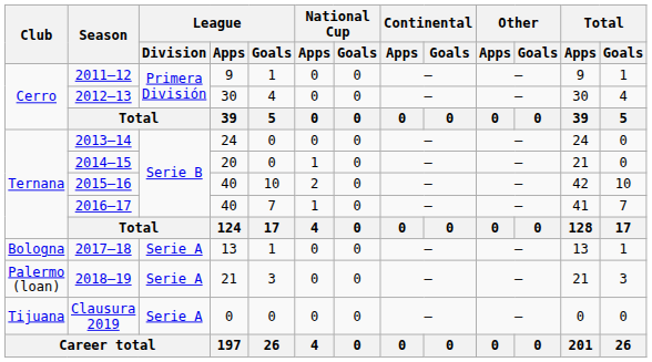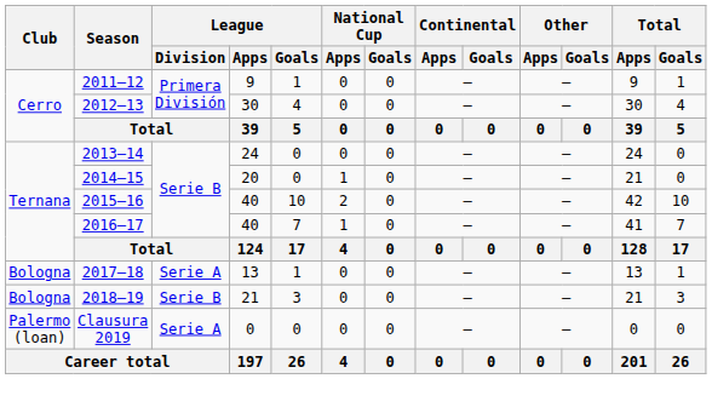 <table class="wikitable" style="text-align: center;">
 <tr>
 <th rowspan="2">Club</th>
 <th rowspan="2">Season</th>
 <th colspan="3">League</th>
 <th colspan="2">National Cup</th>
 <th colspan="2">Continental</th>
 <th colspan="2">Other</th>
 <th colspan="2">Total</th>
 </tr>
 <tr>
 <th>Division</th>
 <th>Apps</th>
 <th>Goals</th>
 <th>Apps</th>
 <th>Goals</th>
 <th>Apps</th>
 <th>Goals</th>
 <th>Apps</th>
 <th>Goals</th>
 <th>Apps</th>
 <th>Goals</th>
 </tr>
 <tr>
 <td rowspan="3"><a href='#'>Cerro</a></td>
 <td><a href='#'>2011–12</a></td>
 <td rowspan="2"><a href='#'>Primera División</a></td>
 <td>9</td>
 <td>1</td>
 <td>0</td>
 <td>0</td>
 <td colspan="2“">—</td>
 <td colspan="2“">—</td>
 <td>9</td>
 <td>1</td>
 </tr>
 <tr>
 <td><a href='#'>2012–13</a></td>
 <td>30</td>
 <td>4</td>
 <td>0</td>
 <td>0</td>
 <td colspan="2“">—</td>
 <td colspan="2“">—</td>
 <td>30</td>
 <td>4</td>
 </tr>
 <tr>
 <th colspan="2">Total</th>
 <th>39</th>
 <th>5</th>
 <th>0</th>
 <th>0</th>
 <th>0</th>
 <th>0</th>
 <th>0</th>
 <th>0</th>
 <th>39</th>
 <th>5</th>
 </tr>
 <tr>
 <td rowspan="5"><a href='#'>Ternana</a></td>
 <td><a href='#'>2013–14</a></td>
 <td rowspan="4"><a href='#'>Serie B</a></td>
 <td>24</td>
 <td>0</td>
 <td>0</td>
 <td>0</td>
 <td colspan="2“">—</td>
 <td colspan="2“">—</td>
 <td>24</td>
 <td>0</td>
 </tr>
 <tr>
 <td><a href='#'>2014–15</a></td>
 <td>20</td>
 <td>0</td>
 <td>1</td>
 <td>0</td>
 <td colspan="2“">—</td>
 <td colspan="2“">—</td>
 <td>21</td>
 <td>0</td>
 </tr>
 <tr>
 <td><a href='#'>2015–16</a></td>
 <td>40</td>
 <td>10</td>
 <td>2</td>
 <td>0</td>
 <td colspan="2“">—</td>
 <td colspan="2“">—</td>
 <td>42</td>
 <td>10</td>
 </tr>
 <tr>
 <td><a href='#'>2016–17</a></td>
 <td>40</td>
 <td>7</td>
 <td>1</td>
 <td>0</td>
 <td colspan="2“">—</td>
 <td colspan="2“">—</td>
 <td>41</td>
 <td>7</td>
 </tr>
 <tr>
 <th colspan="2">Total</th>
 <th>124</th>
 <th>17</th>
 <th>4</th>
 <th>0</th>
 <th>0</th>
 <th>0</th>
 <th>0</th>
 <th>0</th>
 <th>128</th>
 <th>17</th>
 </tr>
 <tr>
 <td><a href='#'>Bologna</a></td>
 <td><a href='#'>2017–18</a></td>
 <td><a href='#'>Serie A</a></td>
 <td>13</td>
 <td>1</td>
 <td>0</td>
 <td>0</td>
 <td colspan="2“">—</td>
 <td colspan="2“">—</td>
 <td>13</td>
 <td>1</td>
 </tr>
 <tr>
-<td><a href='#'>Palermo</a> (loan)</td>
+<td><a href='#'>Bologna</a></td>
 <td><a href='#'>2018–19</a></td>
-<td><a href='#'>Serie A</a></td>
+<td><a href='#'>Serie B</a></td>
 <td>21</td>
 <td>3</td>
 <td>0</td>
 <td>0</td>
 <td colspan="2“">—</td>
 <td colspan="2“">—</td>
 <td>21</td>
 <td>3</td>
 </tr>
 <tr>
-<td><a href='#'>Tijuana</a></td>
+<td><a href='#'>Palermo</a> (loan)</td>
 <td><a href='#'>Clausura 2019</a></td>
 <td><a href='#'>Serie A</a></td>
 <td>0</td>
 <td>0</td>
 <td>0</td>
 <td>0</td>
 <td colspan="2“">—</td>
 <td colspan="2“">—</td>
 <td>0</td>
 <td>0</td>
 </tr>
 <tr>
 <th colspan="3">Career total</th>
 <th>197</th>
 <th>26</th>
 <th>4</th>
 <th>0</th>
 <th>0</th>
 <th>0</th>
 <th>0</th>
 <th>0</th>
 <th>201</th>
 <th>26</th>
 </tr>
 </table>
